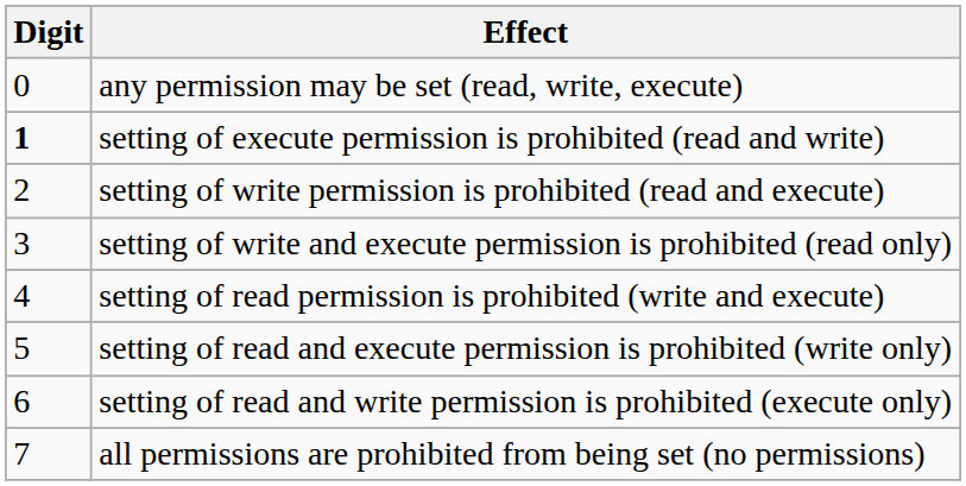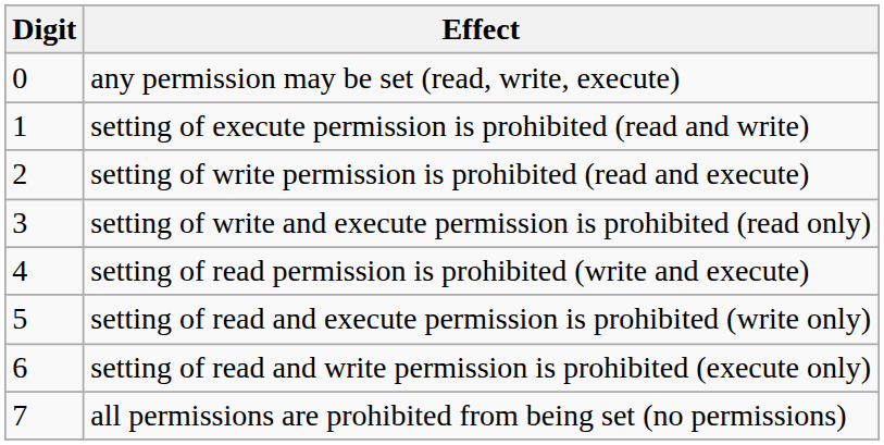 <table class="wikitable col1center">
 <tr>
 <th>Digit</th>
 <th>Effect</th>
 </tr>
 <tr>
 <td>0</td>
 <td>any permission may be set (read, write, execute)</td>
 </tr>
 <tr>
-<td><strong>1</strong></td>
+<td>1</td>
 <td>setting of execute permission is prohibited (read and write)</td>
 </tr>
 <tr>
 <td>2</td>
 <td>setting of write permission is prohibited (read and execute)</td>
 </tr>
 <tr>
 <td>3</td>
 <td>setting of write and execute permission is prohibited (read only)</td>
 </tr>
 <tr>
 <td>4</td>
 <td>setting of read permission is prohibited (write and execute)</td>
 </tr>
 <tr>
 <td>5</td>
 <td>setting of read and execute permission is prohibited (write only)</td>
 </tr>
 <tr>
 <td>6</td>
 <td>setting of read and write permission is prohibited (execute only)</td>
 </tr>
 <tr>
 <td>7</td>
 <td>all permissions are prohibited from being set (no permissions)</td>
 </tr>
 </table>
